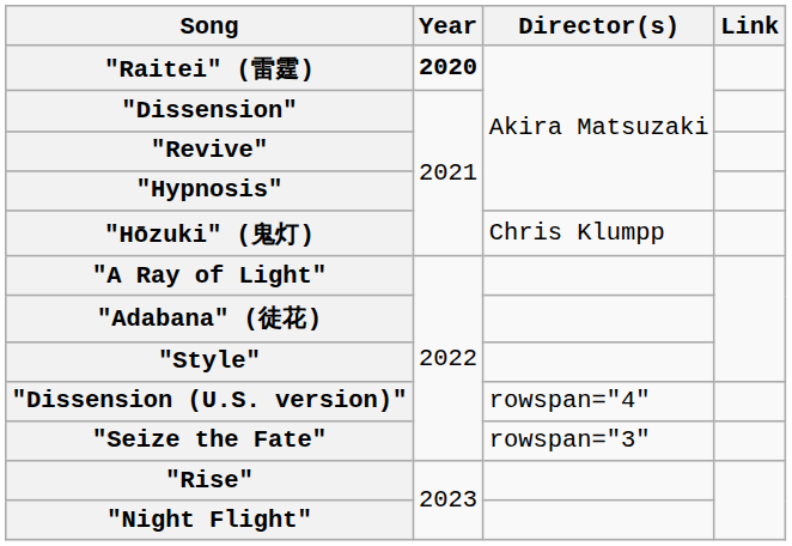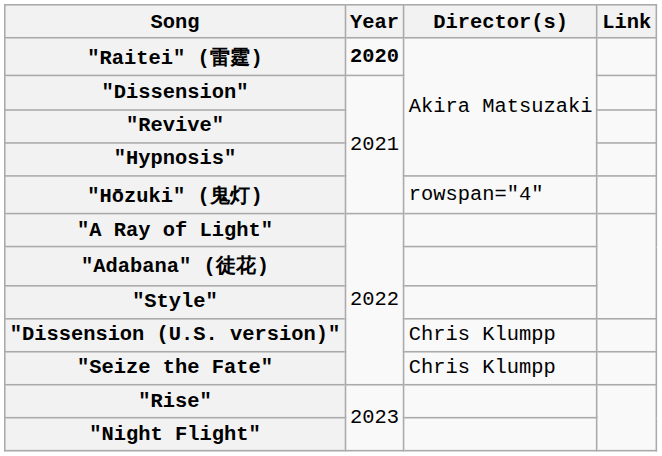 <table class="wikitable plainrowheaders">
 <tr>
 <th scope="col">Song</th>
 <th scope="col">Year</th>
 <th scope="col">Director(s)</th>
 <th scope="col">Link</th>
 </tr>
 <tr>
 <th scope="row">"Raitei" (雷霆)</th>
 <td><strong>2020</strong></td>
 <td rowspan="4">Akira Matsuzaki</td>
 <td></td>
 </tr>
 <tr>
 <th scope="row">"Dissension"</th>
 <td rowspan="4">2021</td>
 <td></td>
 </tr>
 <tr>
 <th scope="row">"Revive"</th>
 <td></td>
 </tr>
 <tr>
 <th scope="row">"Hypnosis"</th>
 <td></td>
 </tr>
 <tr>
 <th scope="row">"Hōzuki" (鬼灯)</th>
-<td>Chris Klumpp</td>
+<td>rowspan="4" </td>
 <td></td>
 </tr>
 <tr>
 <th scope="row">"A Ray of Light"</th>
 <td rowspan="5">2022</td>
 <td></td>
 </tr>
 <tr>
 <th scope="row">"Adabana" (徒花)</th>
 <td></td>
 </tr>
 <tr>
 <th scope="row">"Style"</th>
 <td></td>
 </tr>
 <tr>
 <th scope="row">"Dissension (U.S. version)"</th>
-<td>rowspan="4" </td>
+<td>Chris Klumpp</td>
 <td></td>
 </tr>
 <tr>
 <th scope="row">"Seize the Fate"</th>
-<td>rowspan="3" </td>
+<td>Chris Klumpp</td>
 <td></td>
 </tr>
 <tr>
 <th scope="row">"Rise"</th>
 <td rowspan="2">2023</td>
 <td></td>
 </tr>
 <tr>
 <th scope="row">"Night Flight"</th>
 <td></td>
 </tr>
 </table>
